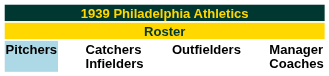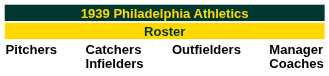 <table class="toccolours" style="font-size: 95%;">
 <tr>
 <th colspan="10" style="background-color: #003831; color: #FFD800; text-align: center;">1939 Philadelphia Athletics</th>
 </tr>
 <tr>
 <td colspan="10" style="background-color: #FFD800; color: #003831; text-align: center;"><strong>Roster</strong></td>
 </tr>
 <tr>
-<td valign="top" style="background: lightblue;"><strong>Pitchers</strong><br>                </td>
+<td valign="top"><strong>Pitchers</strong><br>                </td>
 <td width="25px"></td>
 <td valign="top"><strong>Catchers</strong><br>    <strong>Infielders</strong>           </td>
 <td width="25px"></td>
 <td valign="top"><strong>Outfielders</strong><br>      </td>
 <td width="25px"></td>
 <td valign="top"><strong>Manager</strong><br> <strong>Coaches</strong>    </td>
 </tr>
 </table>
